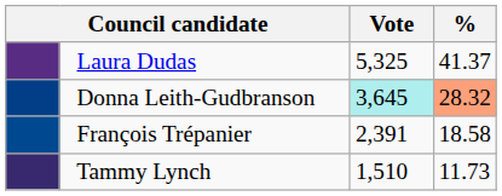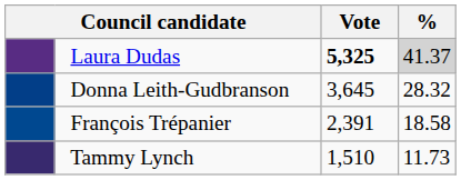 <table class="wikitable">
 <tr>
 <th bgcolor="#DDDDFF" width="230px" colspan="2">Council candidate</th>
 <th bgcolor="#DDDDFF" width="50px">Vote</th>
 <th bgcolor="#DDDDFF" width="30px">%</th>
 </tr>
 <tr>
 <td bgcolor=#582C83 width="30px"> </td>
 <td>  <a href='#'>Laura Dudas</a></td>
-<td>5,325</td>
-<td>41.37</td>
+<td><strong>5,325</strong></td>
+<td style="background: lightgrey;">41.37</td>
 </tr>
 <tr>
 <td bgcolor=#023E88 width="30px"> </td>
 <td>  Donna Leith-Gudbranson</td>
-<td style="background: paleturquoise;">3,645</td>
-<td style="background: lightsalmon;">28.32</td>
+<td>3,645</td>
+<td>28.32</td>
 </tr>
 <tr>
 <td bgcolor=#004890 width="30px"> </td>
 <td>  François Trépanier</td>
 <td>2,391</td>
 <td>18.58</td>
 </tr>
 <tr>
 <td bgcolor=#38296E width="30px"> </td>
 <td>  Tammy Lynch</td>
 <td>1,510</td>
 <td>11.73</td>
 </tr>
 </table>
